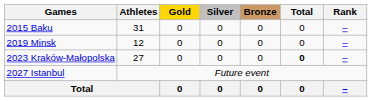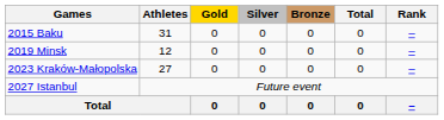 <table class="wikitable" style="text-align:center; font-size:90%;">
 <tr>
 <th>Games</th>
 <th>Athletes</th>
 <td style="background:gold; width:3.7em; font-weight:bold;">Gold</td>
 <td style="background:silver; width:3.7em; font-weight:bold;">Silver</td>
 <td style="background:#cc9966; width:3.7em; font-weight:bold;">Bronze</td>
 <th style="width:4em; font-weight:bold;">Total</th>
 <th style="width:4em; font-weight:bold;">Rank</th>
 </tr>
 <tr>
 <td align=left> <a href='#'>2015 Baku</a></td>
 <td>31</td>
 <td>0</td>
 <td>0</td>
 <td>0</td>
 <td>0</td>
 <td><a href='#'>–</a></td>
 </tr>
 <tr>
 <td align=left> <a href='#'>2019 Minsk</a></td>
 <td>12</td>
 <td>0</td>
 <td>0</td>
 <td>0</td>
 <td>0</td>
 <td><a href='#'>–</a></td>
 </tr>
 <tr>
 <td align=left> <a href='#'>2023 Kraków-Małopolska</a></td>
 <td>27</td>
 <td>0</td>
 <td>0</td>
 <td>0</td>
-<td><strong>0</strong></td>
+<td>0</td>
 <td><a href='#'>–</a></td>
 </tr>
 <tr>
 <td align=left> <a href='#'>2027 Istanbul</a></td>
 <td colspan=6><em>Future event</em></td>
 </tr>
 <tr>
 <th colspan=2>Total</th>
 <th>0</th>
 <th>0</th>
 <th>0</th>
 <th>0</th>
 <th><a href='#'>–</a></th>
 </tr>
 </table>
